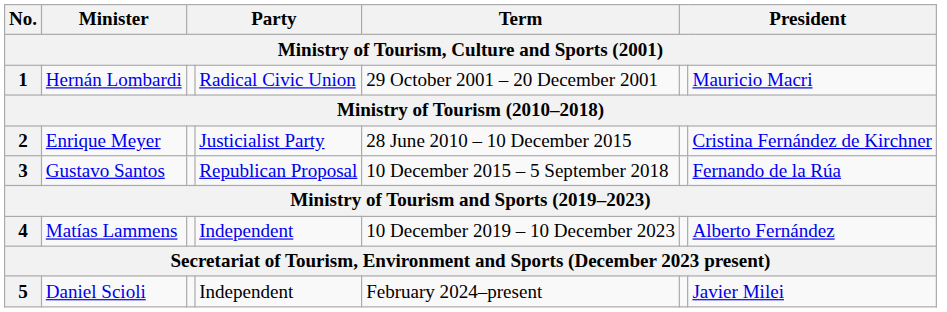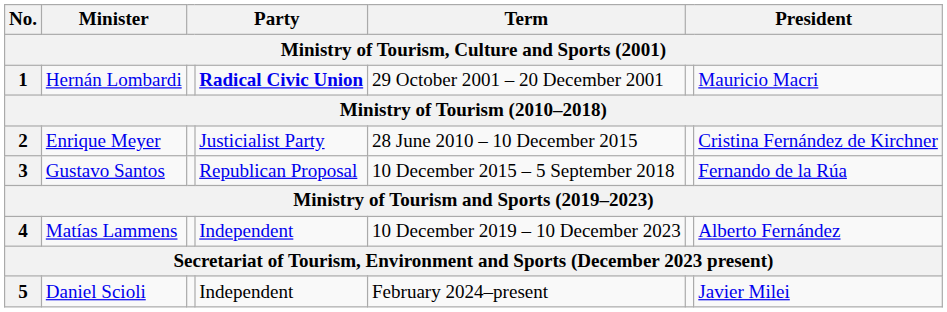 <table class="wikitable">
 <tr>
 <th>No.</th>
 <th>Minister</th>
 <th colspan="2">Party</th>
 <th>Term</th>
 <th colspan="2">President</th>
 </tr>
 <tr>
 <th colspan="7">Ministry of Tourism, Culture and Sports (2001)</th>
 </tr>
 <tr>
 <th>1</th>
 <td><a href='#'>Hernán Lombardi</a></td>
 <td bgcolor=></td>
-<td><a href='#'>Radical Civic Union</a></td>
+<td><strong><a href='#'>Radical Civic Union</a></strong></td>
 <td>29 October 2001 – 20 December 2001</td>
 <td bgcolor=></td>
 <td><a href='#'>Mauricio Macri</a></td>
 </tr>
 <tr>
 <th colspan="7">Ministry of Tourism (2010–2018)</th>
 </tr>
 <tr>
 <th>2</th>
 <td><a href='#'>Enrique Meyer</a></td>
 <td bgcolor=></td>
 <td><a href='#'>Justicialist Party</a></td>
 <td>28 June 2010 – 10 December 2015</td>
 <td bgcolor=></td>
 <td><a href='#'>Cristina Fernández de Kirchner</a></td>
 </tr>
 <tr>
 <th>3</th>
 <td><a href='#'>Gustavo Santos</a></td>
 <td bgcolor=></td>
 <td><a href='#'>Republican Proposal</a></td>
 <td>10 December 2015 – 5 September 2018</td>
 <td bgcolor=></td>
 <td><a href='#'>Fernando de la Rúa</a></td>
 </tr>
 <tr>
 <th colspan="7">Ministry of Tourism and Sports (2019–2023)</th>
 </tr>
 <tr>
 <th>4</th>
 <td><a href='#'>Matías Lammens</a></td>
 <td bgcolor=></td>
 <td><a href='#'>Independent</a></td>
 <td>10 December 2019 – 10 December 2023</td>
 <td bgcolor=></td>
 <td><a href='#'>Alberto Fernández</a></td>
 </tr>
 <tr>
 <th colspan="7">Secretariat of Tourism, Environment and Sports (December 2023 present)</th>
 </tr>
 <tr>
 <th>5</th>
 <td><a href='#'>Daniel Scioli</a></td>
 <td bgcolor=></td>
 <td>Independent</td>
 <td>February 2024–present</td>
 <td bgcolor=></td>
 <td><a href='#'>Javier Milei</a></td>
 </tr>
 </table>
